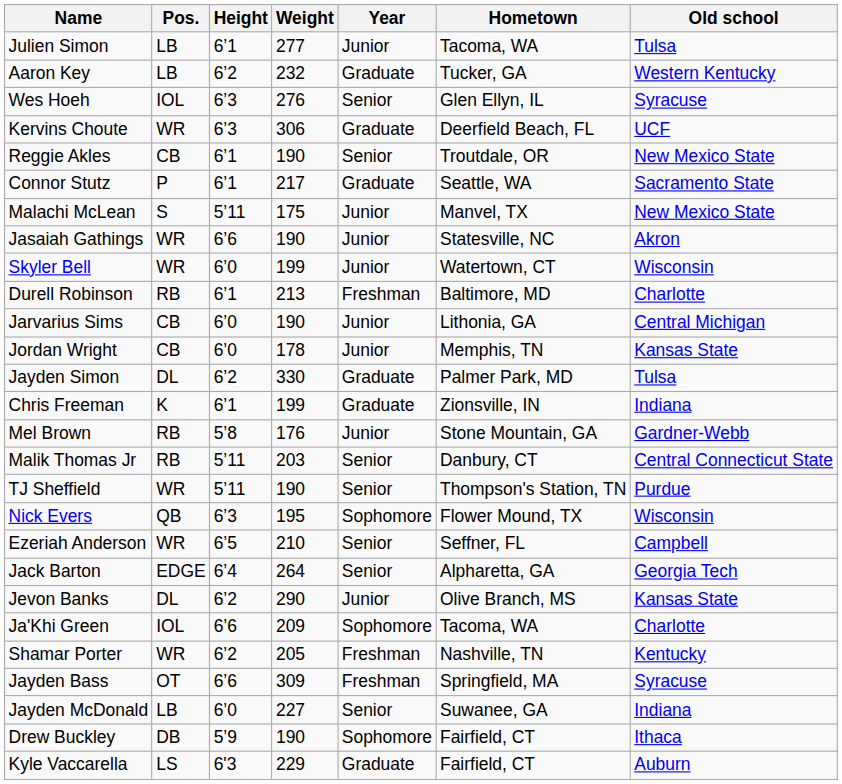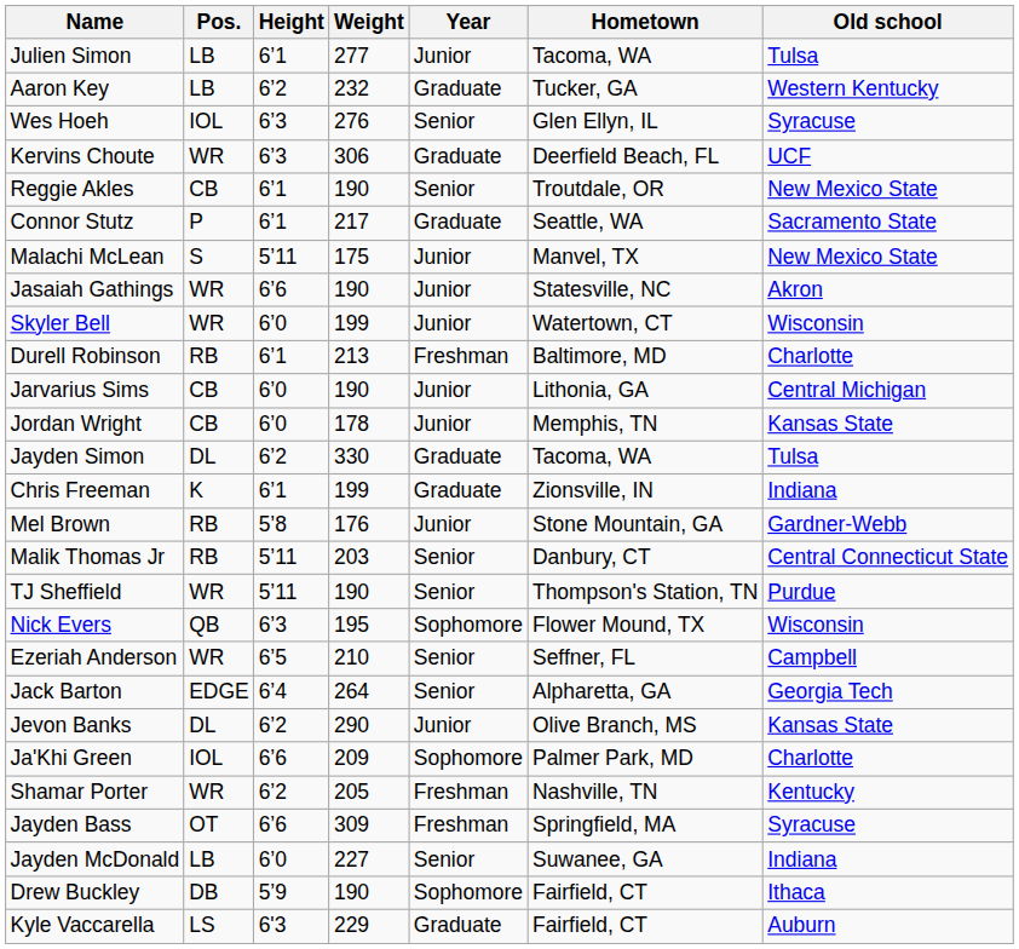 <table class="wikitable sortable">
 <tr>
 <th style="text-align:center; ">Name</th>
 <th style="text-align:center;">Pos.</th>
 <th style="text-align:center; ">Height</th>
 <th style="text-align:center; ">Weight</th>
 <th style="text-align:center; ">Year</th>
 <th style="text-align:center; ">Hometown</th>
 <th style="text-align:center; ">Old school</th>
 </tr>
 <tr>
 <td>Julien Simon</td>
 <td>LB</td>
 <td>6’1</td>
 <td>277</td>
 <td> Junior</td>
 <td>Tacoma, WA</td>
 <td><a href='#'>Tulsa</a></td>
 </tr>
 <tr>
 <td>Aaron Key</td>
 <td>LB</td>
 <td>6’2</td>
 <td>232</td>
 <td>Graduate</td>
 <td>Tucker, GA</td>
 <td><a href='#'>Western Kentucky</a></td>
 </tr>
 <tr>
 <td>Wes Hoeh</td>
 <td>IOL</td>
 <td>6’3</td>
 <td>276</td>
 <td>Senior</td>
 <td>Glen Ellyn, IL</td>
 <td><a href='#'>Syracuse</a></td>
 </tr>
 <tr>
 <td>Kervins Choute</td>
 <td>WR</td>
 <td>6’3</td>
 <td>306</td>
 <td>Graduate</td>
 <td>Deerfield Beach, FL</td>
 <td><a href='#'>UCF</a></td>
 </tr>
 <tr>
 <td>Reggie Akles</td>
 <td>CB</td>
 <td>6’1</td>
 <td>190</td>
 <td>Senior</td>
 <td>Troutdale, OR</td>
 <td><a href='#'>New Mexico State</a></td>
 </tr>
 <tr>
 <td>Connor Stutz</td>
 <td>P</td>
 <td>6’1</td>
 <td>217</td>
 <td>Graduate</td>
 <td>Seattle, WA</td>
 <td><a href='#'>Sacramento State</a></td>
 </tr>
 <tr>
 <td>Malachi McLean</td>
 <td>S</td>
 <td>5’11</td>
 <td>175</td>
 <td>Junior</td>
 <td>Manvel, TX</td>
 <td><a href='#'>New Mexico State</a></td>
 </tr>
 <tr>
 <td>Jasaiah Gathings</td>
 <td>WR</td>
 <td>6’6</td>
 <td>190</td>
 <td> Junior</td>
 <td>Statesville, NC</td>
 <td><a href='#'>Akron</a></td>
 </tr>
 <tr>
 <td><a href='#'>Skyler Bell</a></td>
 <td>WR</td>
 <td>6’0</td>
 <td>199</td>
 <td> Junior</td>
 <td>Watertown, CT</td>
 <td><a href='#'>Wisconsin</a></td>
 </tr>
 <tr>
 <td>Durell Robinson</td>
 <td>RB</td>
 <td>6’1</td>
 <td>213</td>
 <td> Freshman</td>
 <td>Baltimore, MD</td>
 <td><a href='#'>Charlotte</a></td>
 </tr>
 <tr>
 <td>Jarvarius Sims</td>
 <td>CB</td>
 <td>6’0</td>
 <td>190</td>
 <td>Junior</td>
 <td>Lithonia, GA</td>
 <td><a href='#'>Central Michigan</a></td>
 </tr>
 <tr>
 <td>Jordan Wright</td>
 <td>CB</td>
 <td>6’0</td>
 <td>178</td>
 <td> Junior</td>
 <td>Memphis, TN</td>
 <td><a href='#'>Kansas State</a></td>
 </tr>
 <tr>
 <td>Jayden Simon</td>
 <td>DL</td>
 <td>6’2</td>
 <td>330</td>
 <td>Graduate</td>
-<td>Palmer Park, MD</td>
+<td>Tacoma, WA</td>
 <td><a href='#'>Tulsa</a></td>
 </tr>
 <tr>
 <td>Chris Freeman</td>
 <td>K</td>
 <td>6’1</td>
 <td>199</td>
 <td>Graduate</td>
 <td>Zionsville, IN</td>
 <td><a href='#'>Indiana</a></td>
 </tr>
 <tr>
 <td>Mel Brown</td>
 <td>RB</td>
 <td>5’8</td>
 <td>176</td>
 <td>Junior</td>
 <td>Stone Mountain, GA</td>
 <td><a href='#'>Gardner-Webb</a></td>
 </tr>
 <tr>
 <td>Malik Thomas Jr</td>
 <td>RB</td>
 <td>5’11</td>
 <td>203</td>
 <td>Senior</td>
 <td>Danbury, CT</td>
 <td><a href='#'>Central Connecticut State</a></td>
 </tr>
 <tr>
 <td>TJ Sheffield</td>
 <td>WR</td>
 <td>5’11</td>
 <td>190</td>
 <td> Senior</td>
 <td>Thompson's Station, TN</td>
 <td><a href='#'>Purdue</a></td>
 </tr>
 <tr>
 <td><a href='#'>Nick Evers</a></td>
 <td>QB</td>
 <td>6’3</td>
 <td>195</td>
 <td> Sophomore</td>
 <td>Flower Mound, TX</td>
 <td><a href='#'>Wisconsin</a></td>
 </tr>
 <tr>
 <td>Ezeriah Anderson</td>
 <td>WR</td>
 <td>6’5</td>
 <td>210</td>
 <td> Senior</td>
 <td>Seffner, FL</td>
 <td><a href='#'>Campbell</a></td>
 </tr>
 <tr>
 <td>Jack Barton</td>
 <td>EDGE</td>
 <td>6’4</td>
 <td>264</td>
 <td> Senior</td>
 <td>Alpharetta, GA</td>
 <td><a href='#'>Georgia Tech</a></td>
 </tr>
 <tr>
 <td>Jevon Banks</td>
 <td>DL</td>
 <td>6’2</td>
 <td>290</td>
 <td>Junior</td>
 <td>Olive Branch, MS</td>
 <td><a href='#'>Kansas State</a></td>
 </tr>
 <tr>
 <td>Ja'Khi Green</td>
 <td>IOL</td>
 <td>6’6</td>
 <td>209</td>
 <td> Sophomore</td>
-<td>Tacoma, WA</td>
+<td>Palmer Park, MD</td>
 <td><a href='#'>Charlotte</a></td>
 </tr>
 <tr>
 <td>Shamar Porter</td>
 <td>WR</td>
 <td>6’2</td>
 <td>205</td>
 <td> Freshman</td>
 <td>Nashville, TN</td>
 <td><a href='#'>Kentucky</a></td>
 </tr>
 <tr>
 <td>Jayden Bass</td>
 <td>OT</td>
 <td>6’6</td>
 <td>309</td>
 <td>Freshman</td>
 <td>Springfield, MA</td>
 <td><a href='#'>Syracuse</a></td>
 </tr>
 <tr>
 <td>Jayden McDonald</td>
 <td>LB</td>
 <td>6’0</td>
 <td>227</td>
 <td>Senior</td>
 <td>Suwanee, GA</td>
 <td><a href='#'>Indiana</a></td>
 </tr>
 <tr>
 <td>Drew Buckley</td>
 <td>DB</td>
 <td>5’9</td>
 <td>190</td>
 <td>Sophomore</td>
 <td>Fairfield, CT</td>
 <td><a href='#'>Ithaca</a></td>
 </tr>
 <tr>
 <td>Kyle Vaccarella</td>
 <td>LS</td>
 <td>6'3</td>
 <td>229</td>
 <td>Graduate</td>
 <td>Fairfield, CT</td>
 <td><a href='#'>Auburn</a></td>
 </tr>
 </table>
